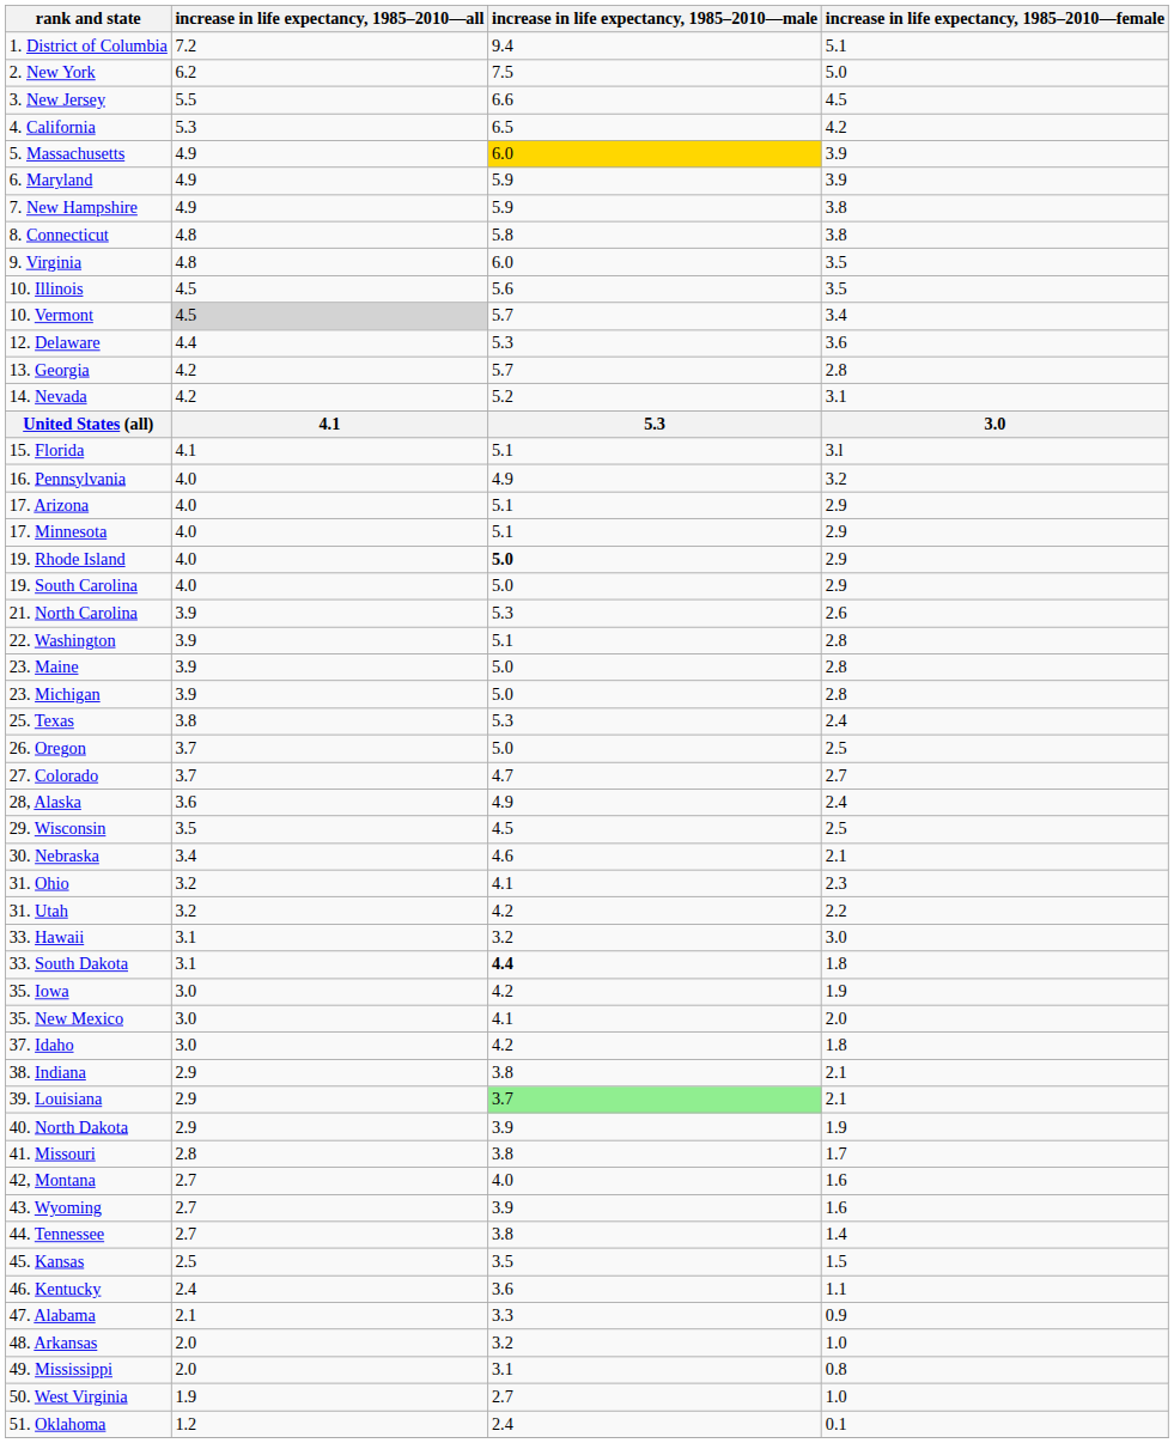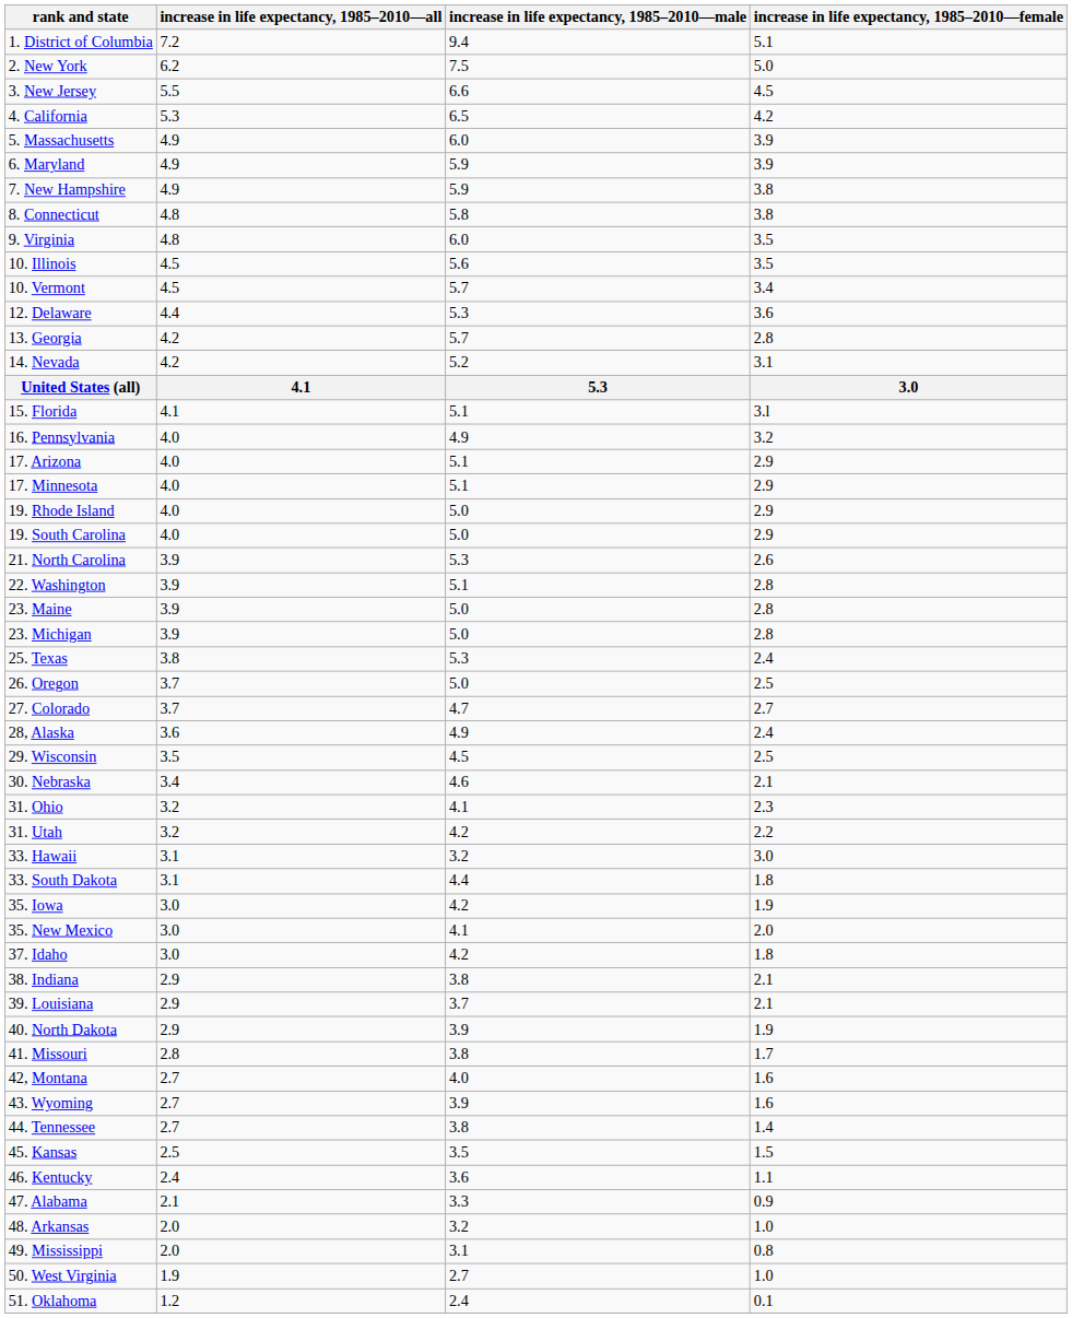 <table class="wikitable sortable">
 <tr>
 <th>rank and state</th>
 <th>increase in life expectancy, 1985–2010—all</th>
 <th>increase in life expectancy, 1985–2010—male</th>
 <th>increase in life expectancy, 1985–2010—female</th>
 </tr>
 <tr>
 <td>1. <a href='#'>District of Columbia</a></td>
 <td>7.2</td>
 <td>9.4</td>
 <td>5.1</td>
 </tr>
 <tr>
 <td>2. <a href='#'>New York</a></td>
 <td>6.2</td>
 <td>7.5</td>
 <td>5.0</td>
 </tr>
 <tr>
 <td>3. <a href='#'>New Jersey</a></td>
 <td>5.5</td>
 <td>6.6</td>
 <td>4.5</td>
 </tr>
 <tr>
 <td>4. <a href='#'>California</a></td>
 <td>5.3</td>
 <td>6.5</td>
 <td>4.2</td>
 </tr>
 <tr>
 <td>5. <a href='#'>Massachusetts</a></td>
 <td>4.9</td>
-<td style="background: gold;">6.0</td>
+<td>6.0</td>
 <td>3.9</td>
 </tr>
 <tr>
 <td>6. <a href='#'>Maryland</a></td>
 <td>4.9</td>
 <td>5.9</td>
 <td>3.9</td>
 </tr>
 <tr>
 <td>7. <a href='#'>New Hampshire</a></td>
 <td>4.9</td>
 <td>5.9</td>
 <td>3.8</td>
 </tr>
 <tr>
 <td>8. <a href='#'>Connecticut</a></td>
 <td>4.8</td>
 <td>5.8</td>
 <td>3.8</td>
 </tr>
 <tr>
 <td>9. <a href='#'>Virginia</a></td>
 <td>4.8</td>
 <td>6.0</td>
 <td>3.5</td>
 </tr>
 <tr>
 <td>10. <a href='#'>Illinois</a></td>
 <td>4.5</td>
 <td>5.6</td>
 <td>3.5</td>
 </tr>
 <tr>
 <td>10. <a href='#'>Vermont</a></td>
-<td style="background: lightgrey;">4.5</td>
+<td>4.5</td>
 <td>5.7</td>
 <td>3.4</td>
 </tr>
 <tr>
 <td>12. <a href='#'>Delaware</a></td>
 <td>4.4</td>
 <td>5.3</td>
 <td>3.6</td>
 </tr>
 <tr>
 <td>13. <a href='#'>Georgia</a></td>
 <td>4.2</td>
 <td>5.7</td>
 <td>2.8</td>
 </tr>
 <tr>
 <td>14. <a href='#'>Nevada</a></td>
 <td>4.2</td>
 <td>5.2</td>
 <td>3.1</td>
 </tr>
 <tr>
 <th><a href='#'>United States</a> (all)</th>
 <th>4.1</th>
 <th>5.3</th>
 <th>3.0</th>
 </tr>
 <tr>
 <td>15. <a href='#'>Florida</a></td>
 <td>4.1</td>
 <td>5.1</td>
 <td>3.l</td>
 </tr>
 <tr>
 <td>16. <a href='#'>Pennsylvania</a></td>
 <td>4.0</td>
 <td>4.9</td>
 <td>3.2</td>
 </tr>
 <tr>
 <td>17. <a href='#'>Arizona</a></td>
 <td>4.0</td>
 <td>5.1</td>
 <td>2.9</td>
 </tr>
 <tr>
 <td>17. <a href='#'>Minnesota</a></td>
 <td>4.0</td>
 <td>5.1</td>
 <td>2.9</td>
 </tr>
 <tr>
 <td>19. <a href='#'>Rhode Island</a></td>
 <td>4.0</td>
-<td><strong>5.0</strong></td>
+<td>5.0</td>
 <td>2.9</td>
 </tr>
 <tr>
 <td>19. <a href='#'>South Carolina</a></td>
 <td>4.0</td>
 <td>5.0</td>
 <td>2.9</td>
 </tr>
 <tr>
 <td>21. <a href='#'>North Carolina</a></td>
 <td>3.9</td>
 <td>5.3</td>
 <td>2.6</td>
 </tr>
 <tr>
 <td>22. <a href='#'>Washington</a></td>
 <td>3.9</td>
 <td>5.1</td>
 <td>2.8</td>
 </tr>
 <tr>
 <td>23. <a href='#'>Maine</a></td>
 <td>3.9</td>
 <td>5.0</td>
 <td>2.8</td>
 </tr>
 <tr>
 <td>23. <a href='#'>Michigan</a></td>
 <td>3.9</td>
 <td>5.0</td>
 <td>2.8</td>
 </tr>
 <tr>
 <td>25. <a href='#'>Texas</a></td>
 <td>3.8</td>
 <td>5.3</td>
 <td>2.4</td>
 </tr>
 <tr>
 <td>26. <a href='#'>Oregon</a></td>
 <td>3.7</td>
 <td>5.0</td>
 <td>2.5</td>
 </tr>
 <tr>
 <td>27. <a href='#'>Colorado</a></td>
 <td>3.7</td>
 <td>4.7</td>
 <td>2.7</td>
 </tr>
 <tr>
 <td>28, <a href='#'>Alaska</a></td>
 <td>3.6</td>
 <td>4.9</td>
 <td>2.4</td>
 </tr>
 <tr>
 <td>29. <a href='#'>Wisconsin</a></td>
 <td>3.5</td>
 <td>4.5</td>
 <td>2.5</td>
 </tr>
 <tr>
 <td>30. <a href='#'>Nebraska</a></td>
 <td>3.4</td>
 <td>4.6</td>
 <td>2.1</td>
 </tr>
 <tr>
 <td>31. <a href='#'>Ohio</a></td>
 <td>3.2</td>
 <td>4.1</td>
 <td>2.3</td>
 </tr>
 <tr>
 <td>31. <a href='#'>Utah</a></td>
 <td>3.2</td>
 <td>4.2</td>
 <td>2.2</td>
 </tr>
 <tr>
 <td>33. <a href='#'>Hawaii</a></td>
 <td>3.1</td>
 <td>3.2</td>
 <td>3.0</td>
 </tr>
 <tr>
 <td>33. <a href='#'>South Dakota</a></td>
 <td>3.1</td>
-<td><strong>4.4</strong></td>
+<td>4.4</td>
 <td>1.8</td>
 </tr>
 <tr>
 <td>35. <a href='#'>Iowa</a></td>
 <td>3.0</td>
 <td>4.2</td>
 <td>1.9</td>
 </tr>
 <tr>
 <td>35. <a href='#'>New Mexico</a></td>
 <td>3.0</td>
 <td>4.1</td>
 <td>2.0</td>
 </tr>
 <tr>
 <td>37. <a href='#'>Idaho</a></td>
 <td>3.0</td>
 <td>4.2</td>
 <td>1.8</td>
 </tr>
 <tr>
 <td>38. <a href='#'>Indiana</a></td>
 <td>2.9</td>
 <td>3.8</td>
 <td>2.1</td>
 </tr>
 <tr>
 <td>39. <a href='#'>Louisiana</a></td>
 <td>2.9</td>
-<td style="background: lightgreen;">3.7</td>
+<td>3.7</td>
 <td>2.1</td>
 </tr>
 <tr>
 <td>40. <a href='#'>North Dakota</a></td>
 <td>2.9</td>
 <td>3.9</td>
 <td>1.9</td>
 </tr>
 <tr>
 <td>41. <a href='#'>Missouri</a></td>
 <td>2.8</td>
 <td>3.8</td>
 <td>1.7</td>
 </tr>
 <tr>
 <td>42, <a href='#'>Montana</a></td>
 <td>2.7</td>
 <td>4.0</td>
 <td>1.6</td>
 </tr>
 <tr>
 <td>43. <a href='#'>Wyoming</a></td>
 <td>2.7</td>
 <td>3.9</td>
 <td>1.6</td>
 </tr>
 <tr>
 <td>44. <a href='#'>Tennessee</a></td>
 <td>2.7</td>
 <td>3.8</td>
 <td>1.4</td>
 </tr>
 <tr>
 <td>45. <a href='#'>Kansas</a></td>
 <td>2.5</td>
 <td>3.5</td>
 <td>1.5</td>
 </tr>
 <tr>
 <td>46. <a href='#'>Kentucky</a></td>
 <td>2.4</td>
 <td>3.6</td>
 <td>1.1</td>
 </tr>
 <tr>
 <td>47. <a href='#'>Alabama</a></td>
 <td>2.1</td>
 <td>3.3</td>
 <td>0.9</td>
 </tr>
 <tr>
 <td>48. <a href='#'>Arkansas</a></td>
 <td>2.0</td>
 <td>3.2</td>
 <td>1.0</td>
 </tr>
 <tr>
 <td>49. <a href='#'>Mississippi</a></td>
 <td>2.0</td>
 <td>3.1</td>
 <td>0.8</td>
 </tr>
 <tr>
 <td>50. <a href='#'>West Virginia</a></td>
 <td>1.9</td>
 <td>2.7</td>
 <td>1.0</td>
 </tr>
 <tr>
 <td>51. <a href='#'>Oklahoma</a></td>
 <td>1.2</td>
 <td>2.4</td>
 <td>0.1</td>
 </tr>
 <tr>
 </tr>
 </table>
